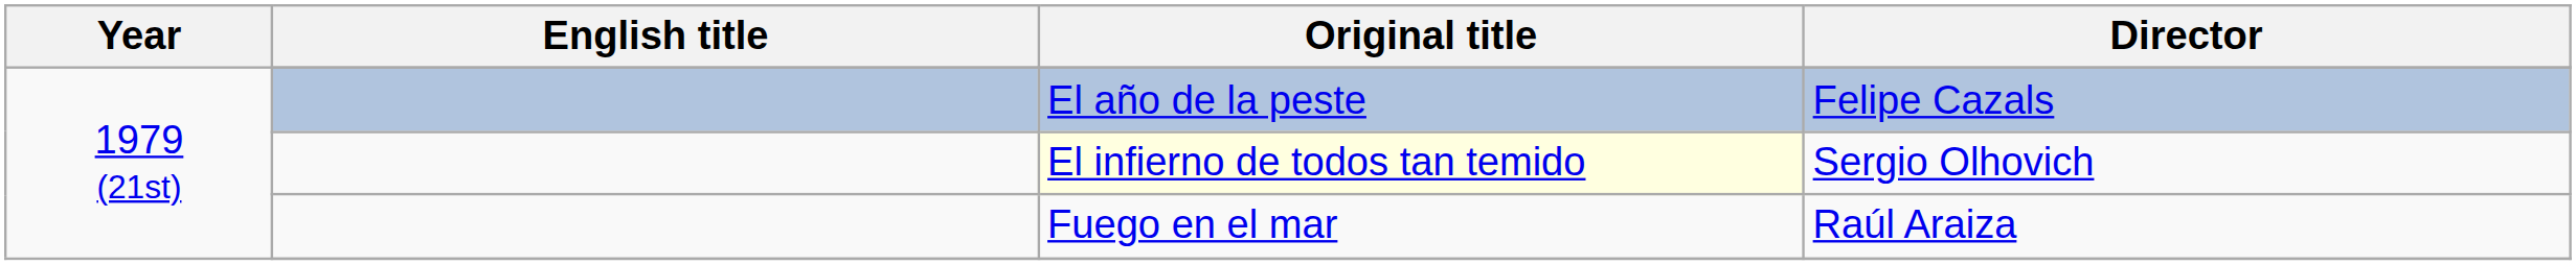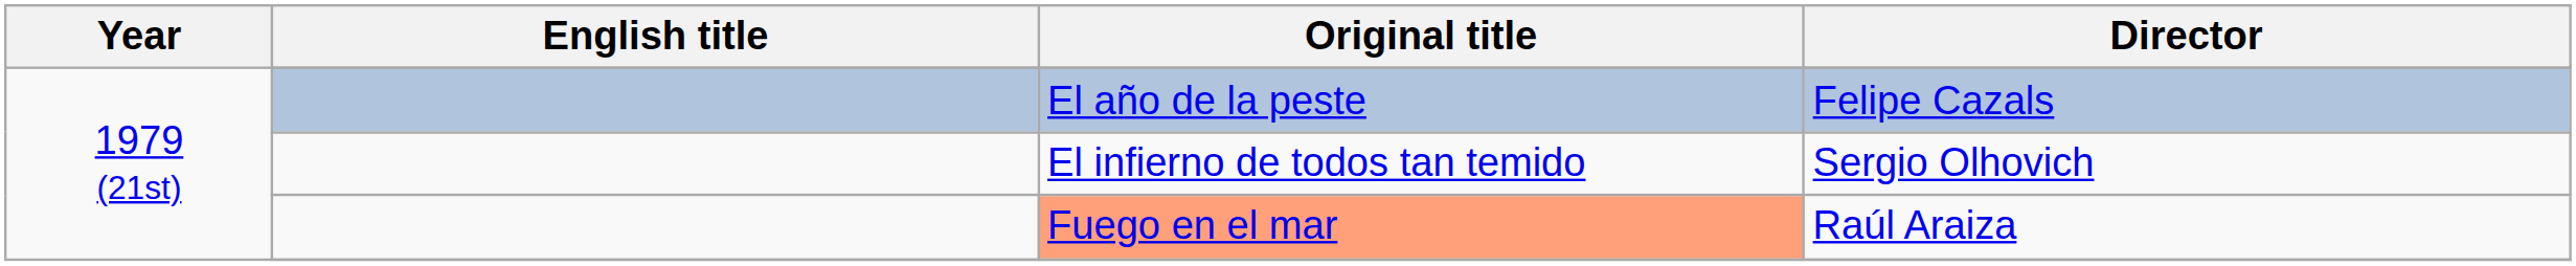 <table class="wikitable">
 <tr>
 <th width="100"><strong>Year</strong></th>
 <th width="300"><strong>English title</strong></th>
 <th width="300"><strong>Original title</strong></th>
 <th width="300"><strong>Director</strong></th>
 </tr>
 <tr>
 <td rowspan="6" style="text-align:center;"><a href='#'>1979</a><br><small><a href='#'>(21st)</a></small></td>
 </tr>
 <tr style="background:#B0C4DE;">
 <td></td>
 <td><a href='#'>El año de la peste</a></td>
 <td><a href='#'>Felipe Cazals</a></td>
 </tr>
 <tr>
 <td></td>
-<td style="background: lightyellow;"><a href='#'>El infierno de todos tan temido</a></td>
+<td><a href='#'>El infierno de todos tan temido</a></td>
 <td><a href='#'>Sergio Olhovich</a></td>
 </tr>
 <tr>
 <td></td>
-<td><a href='#'>Fuego en el mar</a></td>
+<td style="background: lightsalmon;"><a href='#'>Fuego en el mar</a></td>
 <td><a href='#'>Raúl Araiza</a></td>
 </tr>
 <tr>
 </tr>
 </table>
